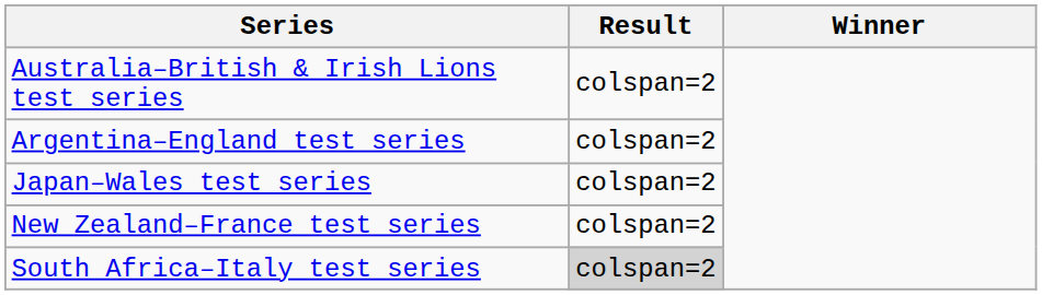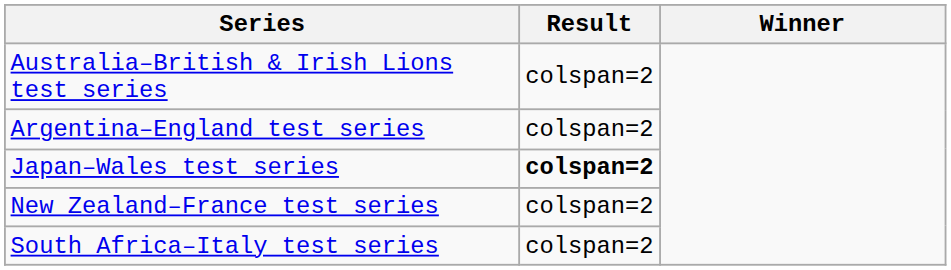 <table class="wikitable">
 <tr>
 <th style="width:275px">Series</th>
 <th style="width:55px">Result</th>
 <th style="width:150px">Winner</th>
 </tr>
 <tr>
 <td><a href='#'>Australia–British & Irish Lions test series</a></td>
 <td>colspan=2 </td>
 </tr>
 <tr>
 <td><a href='#'>Argentina–England test series</a></td>
 <td>colspan=2 </td>
 </tr>
 <tr>
 <td><a href='#'>Japan–Wales test series</a></td>
-<td>colspan=2 </td>
+<td><strong>colspan=2 </strong></td>
 </tr>
 <tr>
 <td><a href='#'>New Zealand–France test series</a></td>
 <td>colspan=2 </td>
 </tr>
 <tr>
 <td><a href='#'>South Africa–Italy test series</a></td>
-<td style="background: lightgrey;">colspan=2 </td>
+<td>colspan=2 </td>
 </tr>
 </table>
